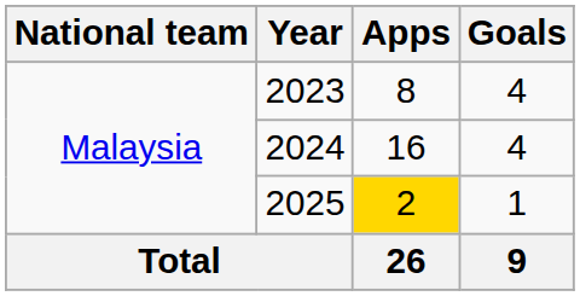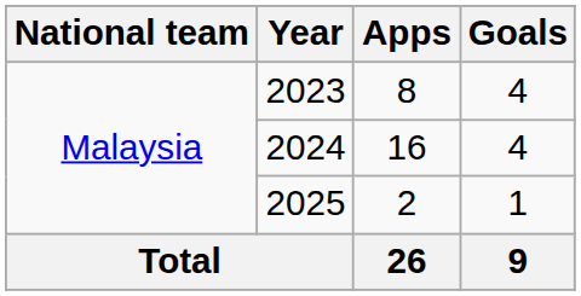 <table class=wikitable style="text-align:center;">
 <tr>
 <th>National team</th>
 <th>Year</th>
 <th>Apps</th>
 <th>Goals</th>
 </tr>
 <tr>
 <td rowspan="3"><a href='#'>Malaysia</a></td>
 <td>2023</td>
 <td>8</td>
 <td>4</td>
 </tr>
 <tr>
 <td>2024</td>
 <td>16</td>
 <td>4</td>
 </tr>
 <tr>
 <td>2025</td>
-<td style="background: gold;">2</td>
+<td>2</td>
 <td>1</td>
 </tr>
 <tr>
 <th colspan="2">Total</th>
 <th>26</th>
 <th>9</th>
 </tr>
 </table>
